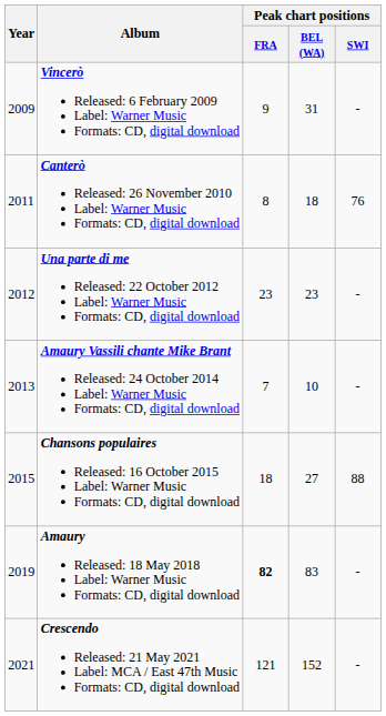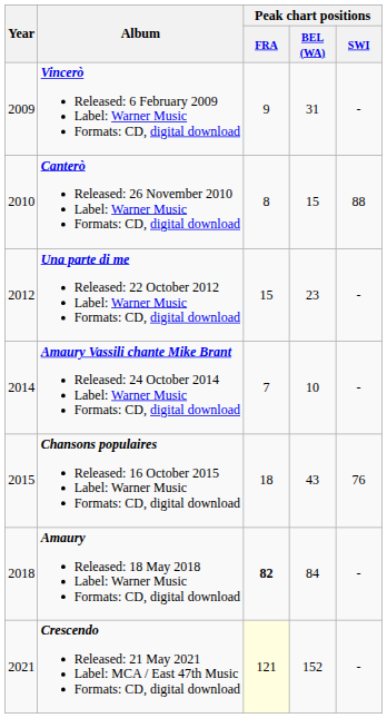 <table class="wikitable">
 <tr>
 <th rowspan="2">Year</th>
 <th rowspan="2">Album</th>
 <th colspan="3">Peak chart positions</th>
 </tr>
 <tr>
 <th style="width:3em;"><small><a href='#'>FRA</a></small><br></th>
 <th style="width:3em;"><small><a href='#'>BEL (WA)</a></small><br></th>
 <th style="width:3em;"><small><a href='#'>SWI</a></small><br></th>
 </tr>
 <tr>
 <td>2009</td>
 <td><strong><em><a href='#'>Vincerò</a></em></strong><br><ul><li>Released: 6 February 2009</li><li>Label: <a href='#'>Warner Music</a></li><li>Formats: CD, <a href='#'>digital download</a></li></ul></td>
 <td style="text-align:center;">9</td>
 <td style="text-align:center;">31</td>
 <td style="text-align:center;">-</td>
 </tr>
 <tr>
-<td>2011</td>
+<td>2010</td>
 <td><strong><em><a href='#'>Canterò</a></em></strong><br><ul><li>Released: 26 November 2010</li><li>Label: <a href='#'>Warner Music</a></li><li>Formats: CD, <a href='#'>digital download</a></li></ul></td>
 <td style="text-align:center;">8</td>
-<td style="text-align:center;">18</td>
-<td style="text-align:center;">76</td>
+<td style="text-align:center;">15</td>
+<td style="text-align:center;">88</td>
 </tr>
 <tr>
 <td>2012</td>
 <td><strong><em><a href='#'>Una parte di me</a></em></strong><br><ul><li>Released: 22 October 2012</li><li>Label: <a href='#'>Warner Music</a></li><li>Formats: CD, <a href='#'>digital download</a></li></ul></td>
-<td style="text-align:center;">23</td>
+<td style="text-align:center;">15</td>
 <td style="text-align:center;">23</td>
 <td style="text-align:center;">-</td>
 </tr>
 <tr>
-<td>2013</td>
+<td>2014</td>
 <td><strong><em><a href='#'>Amaury Vassili chante Mike Brant</a></em></strong><br><ul><li>Released: 24 October 2014</li><li>Label: <a href='#'>Warner Music</a></li><li>Formats: CD, <a href='#'>digital download</a></li></ul></td>
 <td style="text-align:center;">7</td>
 <td style="text-align:center;">10</td>
 <td style="text-align:center;">-</td>
 </tr>
 <tr>
 <td>2015</td>
 <td><strong><em>Chansons populaires</em></strong><br><ul><li>Released: 16 October 2015</li><li>Label: Warner Music</li><li>Formats: CD, digital download</li></ul></td>
 <td style="text-align:center;">18</td>
-<td style="text-align:center;">27</td>
-<td style="text-align:center;">88</td>
+<td style="text-align:center;">43</td>
+<td style="text-align:center;">76</td>
 </tr>
 <tr>
-<td>2019</td>
+<td>2018</td>
 <td><strong><em>Amaury</em></strong><br><ul><li>Released: 18 May 2018</li><li>Label: Warner Music</li><li>Formats: CD, digital download</li></ul></td>
 <td style="text-align:center;"><strong>82</strong></td>
-<td style="text-align:center;">83</td>
+<td style="text-align:center;">84</td>
 <td style="text-align:center;">-</td>
 </tr>
 <tr>
 <td>2021</td>
 <td><strong><em>Crescendo</em></strong><br><ul><li>Released: 21 May 2021</li><li>Label: MCA / East 47th Music</li><li>Formats: CD, digital download</li></ul></td>
-<td style="text-align:center;">121</td>
+<td style="background: lightyellow; text-align:center;">121</td>
 <td style="text-align:center;">152</td>
 <td style="text-align:center;">-</td>
 </tr>
 </table>
